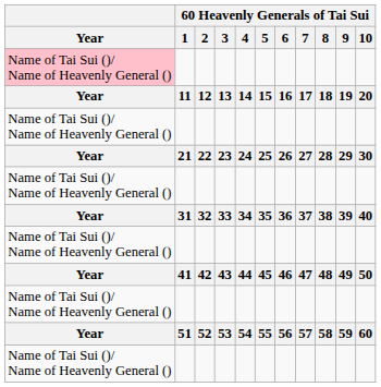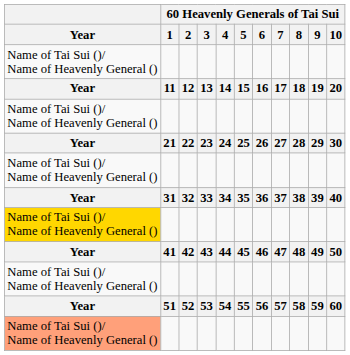 <table class="wikitable">
 <tr>
 <th></th>
 <th colspan="10">60 Heavenly Generals of Tai Sui</th>
 </tr>
 <tr>
 <th>Year</th>
 <th>1</th>
 <th>2</th>
 <th>3</th>
 <th>4</th>
 <th>5</th>
 <th>6</th>
 <th>7</th>
 <th>8</th>
 <th>9</th>
 <th>10</th>
 </tr>
 <tr>
-<td style="background: pink;">Name of Tai Sui ()/<br>Name of Heavenly General ()</td>
+<td>Name of Tai Sui ()/<br>Name of Heavenly General ()</td>
 <td><div><br></div></td>
 <td><div><br></div></td>
 <td><div><br></div></td>
 <td><div><br></div></td>
 <td><div><br></div></td>
 <td><div><br></div></td>
 <td><div><br></div></td>
 <td><div><br></div></td>
 <td><div><br></div></td>
 <td><div><br></div></td>
 </tr>
 <tr>
 <th>Year</th>
 <th>11</th>
 <th>12</th>
 <th>13</th>
 <th>14</th>
 <th>15</th>
 <th>16</th>
 <th>17</th>
 <th>18</th>
 <th>19</th>
 <th>20</th>
 </tr>
 <tr>
 <td>Name of Tai Sui ()/<br>Name of Heavenly General ()</td>
 <td><div><br></div></td>
 <td><div><br></div></td>
 <td><div><br></div></td>
 <td><div><br></div></td>
 <td><div><br></div></td>
 <td><div><br></div></td>
 <td><div><br></div></td>
 <td><div><br></div></td>
 <td><div><br></div></td>
 <td><div><br></div></td>
 </tr>
 <tr>
 <th>Year</th>
 <th>21</th>
 <th>22</th>
 <th>23</th>
 <th>24</th>
 <th>25</th>
 <th>26</th>
 <th>27</th>
 <th>28</th>
 <th>29</th>
 <th>30</th>
 </tr>
 <tr>
 <td>Name of Tai Sui ()/<br>Name of Heavenly General ()</td>
 <td><div><br></div></td>
 <td><div><br></div></td>
 <td><div><br></div></td>
 <td><div><br></div></td>
 <td><div><br></div></td>
 <td><div><br></div></td>
 <td><div><br></div></td>
 <td><div><br></div></td>
 <td><div><br></div></td>
 <td><div><br></div></td>
 </tr>
 <tr>
 <th>Year</th>
 <th>31</th>
 <th>32</th>
 <th>33</th>
 <th>34</th>
 <th>35</th>
 <th>36</th>
 <th>37</th>
 <th>38</th>
 <th>39</th>
 <th>40</th>
 </tr>
 <tr>
-<td>Name of Tai Sui ()/<br>Name of Heavenly General ()</td>
+<td style="background: gold;">Name of Tai Sui ()/<br>Name of Heavenly General ()</td>
 <td><div><br></div></td>
 <td><div><br></div></td>
 <td><div><br></div></td>
 <td><div><br></div></td>
 <td><div><br></div></td>
 <td><div><br></div></td>
 <td><div><br></div></td>
 <td><div><br></div></td>
 <td><div><br></div></td>
 <td><div><br></div></td>
 </tr>
 <tr>
 <th>Year</th>
 <th>41</th>
 <th>42</th>
 <th>43</th>
 <th>44</th>
 <th>45</th>
 <th>46</th>
 <th>47</th>
 <th>48</th>
 <th>49</th>
 <th>50</th>
 </tr>
 <tr>
 <td>Name of Tai Sui ()/<br>Name of Heavenly General ()</td>
 <td><div><br></div></td>
 <td><div><br></div></td>
 <td><div><br></div></td>
 <td><div><br></div></td>
 <td><div><br></div></td>
 <td><div><br></div></td>
 <td><div><br></div></td>
 <td><div><br></div></td>
 <td><div><br></div></td>
 <td><div><br></div></td>
 </tr>
 <tr>
 <th>Year</th>
 <th>51</th>
 <th>52</th>
 <th>53</th>
 <th>54</th>
 <th>55</th>
 <th>56</th>
 <th>57</th>
 <th>58</th>
 <th>59</th>
 <th>60</th>
 </tr>
 <tr>
-<td>Name of Tai Sui ()/<br>Name of Heavenly General ()</td>
+<td style="background: lightsalmon;">Name of Tai Sui ()/<br>Name of Heavenly General ()</td>
 <td><div><br></div></td>
 <td><div><br></div></td>
 <td><div><br></div></td>
 <td><div><br></div></td>
 <td><div><br></div></td>
 <td><div><br></div></td>
 <td><div><br></div></td>
 <td><div><br></div></td>
 <td><div><br></div></td>
 <td><div><br></div></td>
 </tr>
 </table>
